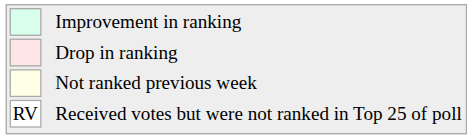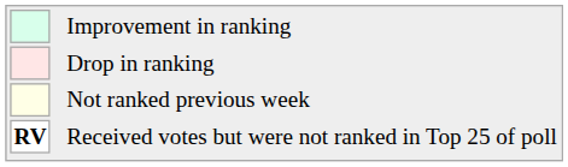 <table align=right style="font-size:90%; border:1px solid #aaaaaa; white-space:nowrap; background:#eeeeee;">
 <tr>
 <td style="background:#d8ffeb; width:20px; border:1px solid #aaaaaa;"> </td>
 <td rowspan=5> </td>
 <td>Improvement in ranking</td>
 </tr>
 <tr>
 <td style="background:#ffe6e6; width:20px; border:1px solid #aaaaaa;"> </td>
 <td>Drop in ranking</td>
 </tr>
 <tr>
 <td style="background:#ffffe6; width:20px; border:1px solid #aaaaaa;"> </td>
 <td>Not ranked previous week</td>
 </tr>
 <tr>
-<td align=center style="width:20px; border:1px solid #aaaaaa; background:white;">RV</td>
+<td align=center style="width:20px; border:1px solid #aaaaaa; background:white;"><strong>RV</strong></td>
 <td>Received votes but were not ranked in Top 25 of poll</td>
 </tr>
 <tr>
 </tr>
 </table>
